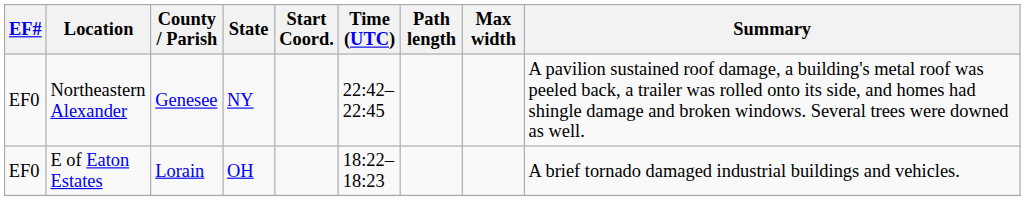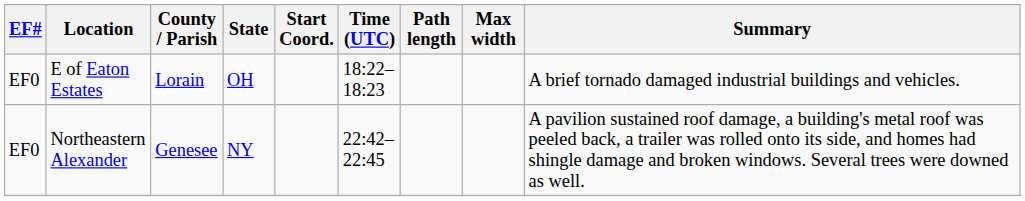 <table class="wikitable sortable" style="width:100%;">
 <tr>
 <th scope="col"  style="width:3%; text-align:center;"><a href='#'>EF#</a></th>
 <th scope="col"  style="width:7%; text-align:center;" class="unsortable">Location</th>
 <th scope="col"  style="width:6%; text-align:center;" class="unsortable">County / Parish</th>
 <th scope="col"  style="width:5%; text-align:center;">State</th>
 <th scope="col"  style="width:6%; text-align:center;">Start Coord.</th>
 <th scope="col"  style="width:6%; text-align:center;">Time (<a href='#'>UTC</a>)</th>
 <th scope="col"  style="width:6%; text-align:center;">Path length</th>
 <th scope="col"  style="width:6%; text-align:center;">Max width</th>
 <th scope="col" class="unsortable" style="width:48%; text-align:center;">Summary</th>
 </tr>
 <tr>
 <td>EF0</td>
+<td>E of <a href='#'>Eaton Estates</a></td>
+<td><a href='#'>Lorain</a></td>
+<td><a href='#'>OH</a></td>
+<td></td>
+<td>18:22–18:23</td>
+<td></td>
+<td></td>
+<td>A brief tornado damaged industrial buildings and vehicles.</td>
+</tr>
+<tr>
+<td>EF0</td>
 <td>Northeastern <a href='#'>Alexander</a></td>
 <td><a href='#'>Genesee</a></td>
 <td><a href='#'>NY</a></td>
 <td></td>
 <td>22:42–22:45</td>
 <td></td>
 <td></td>
 <td>A pavilion sustained roof damage, a building's metal roof was peeled back, a trailer was rolled onto its side, and homes had shingle damage and broken windows. Several trees were downed as well.</td>
 </tr>
 <tr>
-<td>EF0</td>
-<td>E of <a href='#'>Eaton Estates</a></td>
-<td><a href='#'>Lorain</a></td>
-<td><a href='#'>OH</a></td>
-<td></td>
-<td>18:22–18:23</td>
-<td></td>
-<td></td>
-<td>A brief tornado damaged industrial buildings and vehicles.</td>
-</tr>
-<tr>
 </tr>
 </table>
